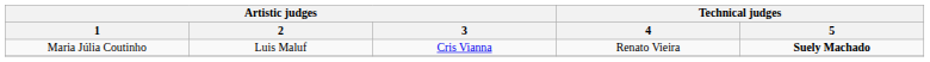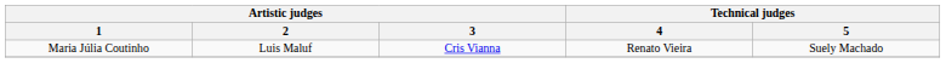 <table class="wikitable" style="font-size:100%; line-height:16px; text-align:center" width="100%">
 <tr>
 <th colspan=3>Artistic judges</th>
 <th colspan=2>Technical judges</th>
 </tr>
 <tr>
 <th>1</th>
 <th>2</th>
 <th>3</th>
 <th>4</th>
 <th>5</th>
 </tr>
 <tr>
 <td width=150>Maria Júlia Coutinho</td>
 <td width=150>Luis Maluf</td>
 <td width=150><a href='#'>Cris Vianna</a></td>
 <td width=150>Renato Vieira</td>
-<td width=150><strong>Suely Machado</strong></td>
+<td width=150>Suely Machado</td>
 </tr>
 <tr>
 </tr>
 </table>
